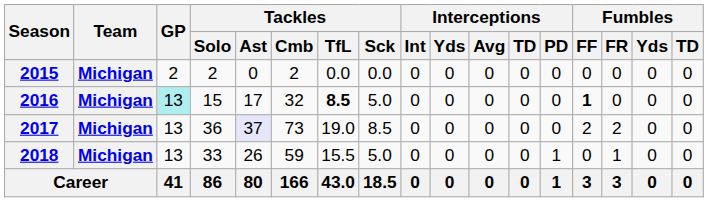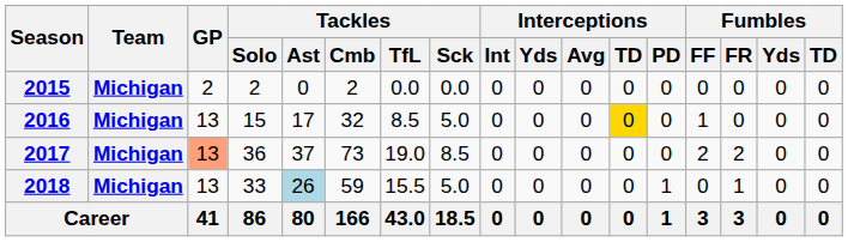 <table class="wikitable" style="text-align:center">
 <tr>
 <th rowspan="2">Season</th>
 <th rowspan="2">Team</th>
 <th rowspan="2">GP</th>
 <th colspan="5">Tackles</th>
 <th colspan="5">Interceptions</th>
 <th colspan="4">Fumbles</th>
 </tr>
 <tr>
 <th>Solo</th>
 <th>Ast</th>
 <th>Cmb</th>
 <th>TfL</th>
 <th>Sck</th>
 <th>Int</th>
 <th>Yds</th>
 <th>Avg</th>
 <th>TD</th>
 <th>PD</th>
 <th>FF</th>
 <th>FR</th>
 <th>Yds</th>
 <th>TD</th>
 </tr>
 <tr>
 <th><a href='#'>2015</a></th>
 <th><a href='#'>Michigan</a></th>
 <td>2</td>
 <td>2</td>
 <td>0</td>
 <td>2</td>
 <td>0.0</td>
 <td>0.0</td>
 <td>0</td>
 <td>0</td>
 <td>0</td>
 <td>0</td>
 <td>0</td>
 <td>0</td>
 <td>0</td>
 <td>0</td>
 <td>0</td>
 </tr>
 <tr>
 <th><a href='#'>2016</a></th>
 <th><a href='#'>Michigan</a></th>
-<td style="background: paleturquoise;">13</td>
+<td>13</td>
 <td>15</td>
 <td>17</td>
 <td>32</td>
-<td><strong>8.5</strong></td>
+<td>8.5</td>
 <td>5.0</td>
 <td>0</td>
 <td>0</td>
 <td>0</td>
+<td style="background: gold;">0</td>
 <td>0</td>
-<td>0</td>
-<td><strong>1</strong></td>
+<td>1</td>
 <td>0</td>
 <td>0</td>
 <td>0</td>
 </tr>
 <tr>
 <th><a href='#'>2017</a></th>
 <th><a href='#'>Michigan</a></th>
-<td>13</td>
+<td style="background: lightsalmon;">13</td>
 <td>36</td>
-<td style="background: lavender;">37</td>
+<td>37</td>
 <td>73</td>
 <td>19.0</td>
 <td>8.5</td>
 <td>0</td>
 <td>0</td>
 <td>0</td>
 <td>0</td>
 <td>0</td>
 <td>2</td>
 <td>2</td>
 <td>0</td>
 <td>0</td>
 </tr>
 <tr>
 <th><a href='#'>2018</a></th>
 <th><a href='#'>Michigan</a></th>
 <td>13</td>
 <td>33</td>
-<td>26</td>
+<td style="background: lightblue;">26</td>
 <td>59</td>
 <td>15.5</td>
 <td>5.0</td>
 <td>0</td>
 <td>0</td>
 <td>0</td>
 <td>0</td>
 <td>1</td>
 <td>0</td>
 <td>1</td>
 <td>0</td>
 <td>0</td>
 </tr>
 <tr>
 <th colspan="2">Career</th>
 <th>41</th>
 <th>86</th>
 <th>80</th>
 <th>166</th>
 <th>43.0</th>
 <th>18.5</th>
 <th>0</th>
 <th>0</th>
 <th>0</th>
 <th>0</th>
 <th>1</th>
 <th>3</th>
 <th>3</th>
 <th>0</th>
 <th>0</th>
 </tr>
 </table>
